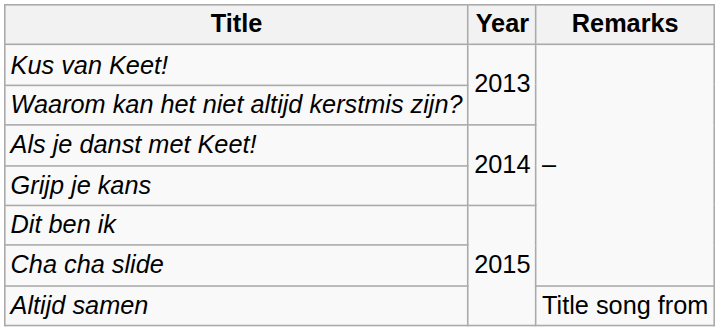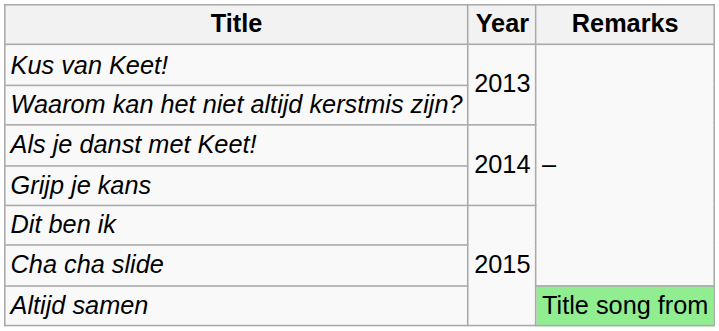 <table class="wikitable">
 <tr>
 <th>Title</th>
 <th>Year</th>
 <th>Remarks</th>
 </tr>
 <tr>
 <td><em>Kus van Keet!</em></td>
 <td rowspan="2">2013</td>
 <td rowspan="6">–</td>
 </tr>
 <tr>
 <td><em>Waarom kan het niet altijd kerstmis zijn?</em></td>
 </tr>
 <tr>
 <td><em>Als je danst met Keet!</em></td>
 <td rowspan="2">2014</td>
 </tr>
 <tr>
 <td><em>Grijp je kans</em></td>
 </tr>
 <tr>
 <td><em>Dit ben ik</em></td>
 <td rowspan="3">2015</td>
 </tr>
 <tr>
 <td><em>Cha cha slide</em></td>
 </tr>
 <tr>
 <td><em>Altijd samen</em></td>
-<td>Title song from <em></em></td>
+<td style="background: lightgreen;">Title song from <em></em></td>
 </tr>
 </table>
